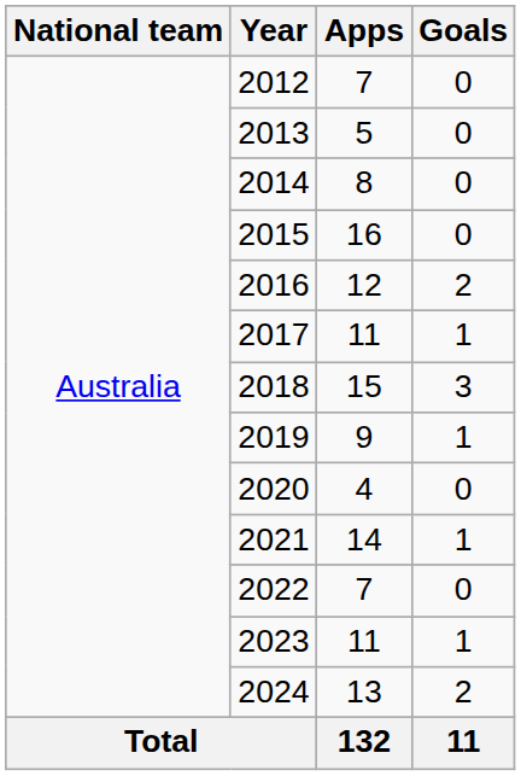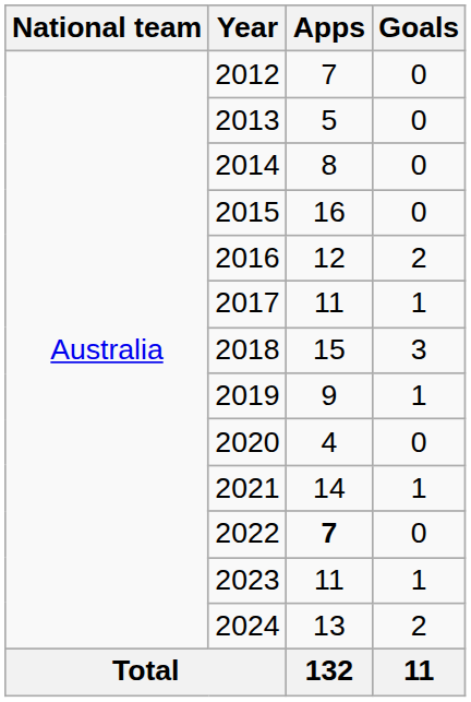 <table class="wikitable" style="text-align:center">
 <tr>
 <th>National team</th>
 <th>Year</th>
 <th>Apps</th>
 <th>Goals</th>
 </tr>
 <tr>
 <td rowspan="13"><a href='#'>Australia</a></td>
 <td>2012</td>
 <td>7</td>
 <td>0</td>
 </tr>
 <tr>
 <td>2013</td>
 <td>5</td>
 <td>0</td>
 </tr>
 <tr>
 <td>2014</td>
 <td>8</td>
 <td>0</td>
 </tr>
 <tr>
 <td>2015</td>
 <td>16</td>
 <td>0</td>
 </tr>
 <tr>
 <td>2016</td>
 <td>12</td>
 <td>2</td>
 </tr>
 <tr>
 <td>2017</td>
 <td>11</td>
 <td>1</td>
 </tr>
 <tr>
 <td>2018</td>
 <td>15</td>
 <td>3</td>
 </tr>
 <tr>
 <td>2019</td>
 <td>9</td>
 <td>1</td>
 </tr>
 <tr>
 <td>2020</td>
 <td>4</td>
 <td>0</td>
 </tr>
 <tr>
 <td>2021</td>
 <td>14</td>
 <td>1</td>
 </tr>
 <tr>
 <td>2022</td>
-<td>7</td>
+<td><strong>7</strong></td>
 <td>0</td>
 </tr>
 <tr>
 <td>2023</td>
 <td>11</td>
 <td>1</td>
 </tr>
 <tr>
 <td>2024</td>
 <td>13</td>
 <td>2</td>
 </tr>
 <tr>
 <th colspan="2">Total</th>
 <th>132</th>
 <th>11</th>
 </tr>
 </table>
